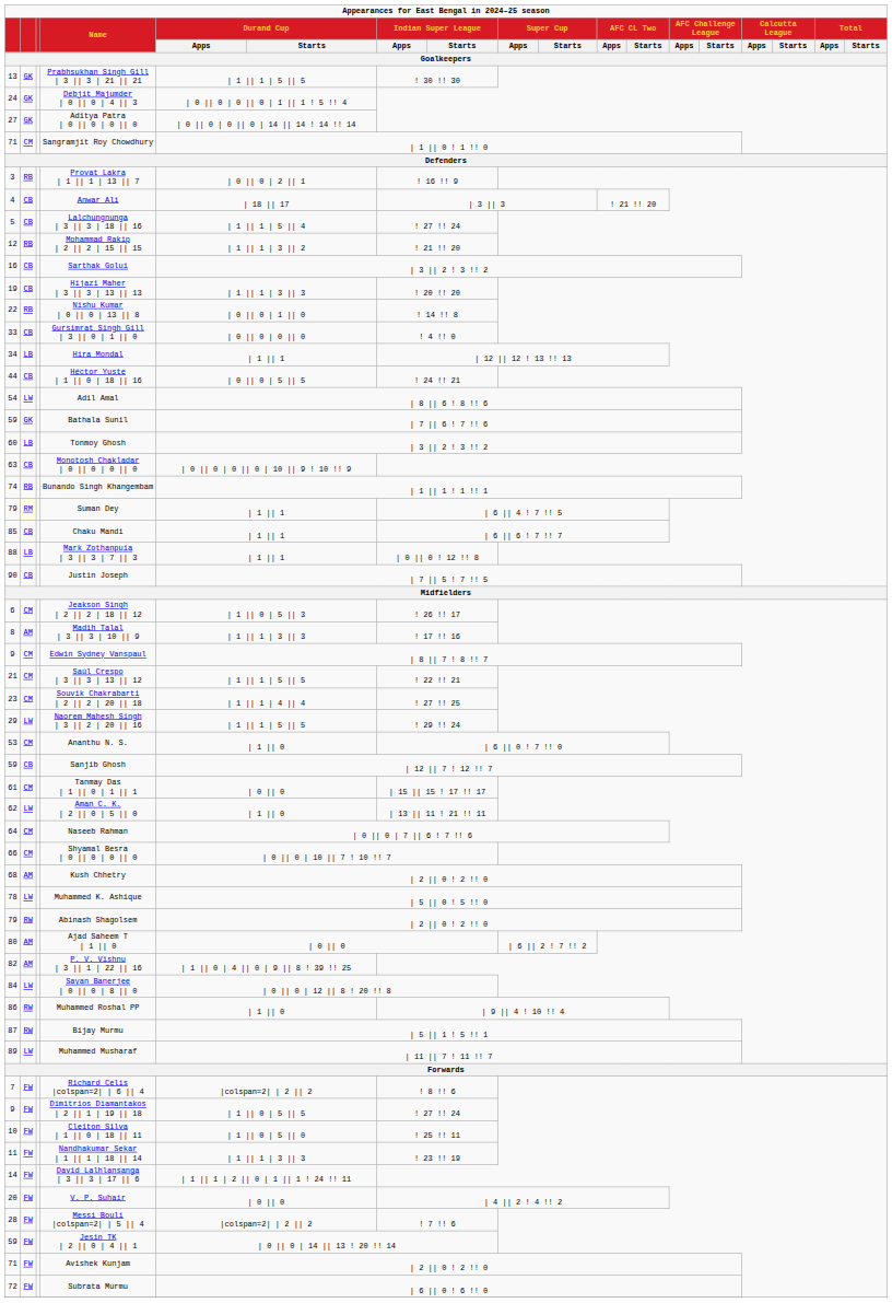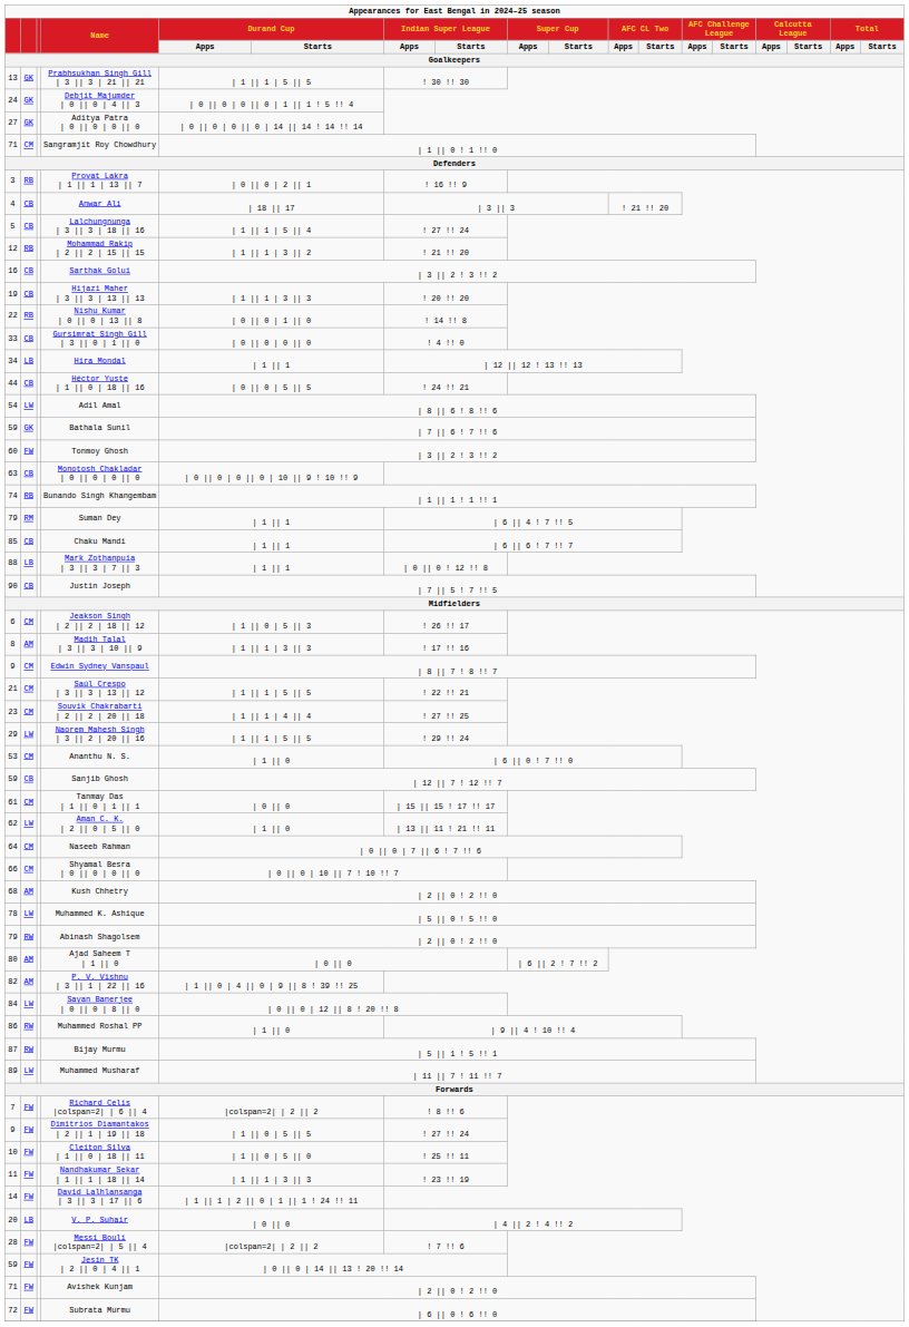 <table class="wikitable sortable" style="text-align:center; font-size:90%; width:85%;">
 <tr>
 <td colspan="18"><strong>Appearances for East Bengal in 2024–25 season</strong></td>
 </tr>
 <tr>
 <th style="background:#d71a23; color:#ffcd31; text-align:center;" rowspan="2"></th>
 <th style="background:#d71a23; color:#ffcd31; text-align:center;" rowspan="2"></th>
 <th style="background:#d71a23; color:#ffcd31; text-align:center;" rowspan="2"></th>
 <th style="background:#d71a23; color:#ffcd31; text-align:center; width:170px;" rowspan="2">Name</th>
 <th style="background:#d71a23; color:#ffcd31; text-align:center; width:86px;" colspan="2">Durand Cup</th>
 <th style="background:#d71a23; color:#ffcd31; text-align:center; width:86px;" colspan="2">Indian Super League</th>
 <th style="background:#d71a23; color:#ffcd31; text-align:center; width:86px;" colspan="2">Super Cup</th>
 <th style="background:#d71a23; color:#ffcd31; text-align:center; width:86px;" colspan="2">AFC CL Two</th>
 <th style="background:#d71a23; color:#ffcd31; text-align:center; width:86px;" colspan="2">AFC Challenge League</th>
 <th style="background:#d71a23; color:#ffcd31; text-align:center; width:86px;" colspan="2">Calcutta League</th>
 <th style="background:#d71a23; color:#ffcd31; text-align:center; width:86px;" colspan="2">Total</th>
 </tr>
 <tr>
 <th>Apps</th>
 <th>Starts</th>
 <th>Apps</th>
 <th>Starts</th>
 <th>Apps</th>
 <th>Starts</th>
 <th>Apps</th>
 <th>Starts</th>
 <th>Apps</th>
 <th>Starts</th>
 <th>Apps</th>
 <th>Starts</th>
 <th>Apps</th>
 <th>Starts</th>
 </tr>
 <tr>
 <th colspan="18"><strong>Goalkeepers</strong></th>
 </tr>
 <tr>
 <td>13</td>
 <td><a href='#'>GK</a></td>
 <td></td>
 <td><a href='#'>Prabhsukhan Singh Gill</a><br>| 3 || 3 | 21 || 21</td>
 <td colspan=2><br>| 1 || 1 | 5 || 5</td>
 <td colspan=2><br>! 30 !! 30</td>
 </tr>
 <tr>
 <td>24</td>
 <td><a href='#'>GK</a></td>
 <td></td>
 <td><a href='#'>Debjit Majumder</a><br>| 0 || 0 | 4 || 3</td>
 <td colspan=2><br>| 0 || 0 | 0 || 0 | 1 || 1  ! 5 !! 4</td>
 </tr>
 <tr>
 <td>27</td>
 <td><a href='#'>GK</a></td>
 <td></td>
 <td>Aditya Patra<br>| 0 || 0 | 0 || 0</td>
 <td colspan=2><br>| 0 || 0 | 0 || 0 | 14 || 14  ! 14 !! 14</td>
 </tr>
 <tr>
 <td>71</td>
 <td><a href='#'>CM</a></td>
 <td></td>
 <td>Sangramjit Roy Chowdhury</td>
 <td colspan=10><br>| 1 || 0 ! 1 !! 0</td>
 </tr>
 <tr>
 <th colspan="18"><strong>Defenders</strong></th>
 </tr>
 <tr>
 <td>3</td>
 <td><a href='#'>RB</a></td>
 <td></td>
 <td><a href='#'>Provat Lakra</a><br>| 1 || 1 | 13 || 7</td>
 <td colspan=2><br>| 0 || 0 | 2 || 1</td>
 <td colspan=2><br>! 16 !! 9</td>
 </tr>
 <tr>
 <td>4</td>
 <td><a href='#'>CB</a></td>
 <td></td>
 <td><a href='#'>Anwar Ali</a></td>
 <td colspan=2><br>| 18 || 17</td>
 <td colspan=4><br>| 3 || 3</td>
 <td colspan=2><br>! 21 !! 20</td>
 </tr>
 <tr>
 <td>5</td>
 <td><a href='#'>CB</a></td>
 <td></td>
 <td><a href='#'>Lalchungnunga</a><br>| 3 || 3 | 18 || 16</td>
 <td colspan=2><br>| 1 || 1 | 5 || 4</td>
 <td colspan=2><br>! 27 !! 24</td>
 </tr>
 <tr>
 <td>12</td>
 <td><a href='#'>RB</a></td>
 <td></td>
 <td><a href='#'>Mohammad Rakip</a><br>| 2 || 2 | 15 || 15</td>
 <td colspan=2><br>| 1 || 1 | 3 || 2</td>
 <td colspan=2><br>! 21 !! 20</td>
 </tr>
 <tr>
 <td>16</td>
 <td><a href='#'>CB</a></td>
 <td></td>
 <td><a href='#'>Sarthak Golui</a></td>
 <td colspan="10"><br>| 3 || 2  ! 3 !! 2</td>
 </tr>
 <tr>
 <td>19</td>
 <td><a href='#'>CB</a></td>
 <td></td>
 <td><a href='#'>Hijazi Maher</a><br>| 3 || 3 | 13 || 13</td>
 <td colspan=2><br>| 1 || 1 | 3 || 3</td>
 <td colspan=2><br>! 20 !! 20</td>
 </tr>
 <tr>
 <td>22</td>
 <td><a href='#'>RB</a></td>
 <td></td>
 <td><a href='#'>Nishu Kumar</a><br>| 0 || 0 | 13 || 8</td>
 <td colspan=2><br>| 0 || 0 | 1 || 0</td>
 <td colspan=2><br>! 14 !! 8</td>
 </tr>
 <tr>
 <td>33</td>
 <td><a href='#'>CB</a></td>
 <td></td>
 <td><a href='#'>Gursimrat Singh Gill</a><br>| 3 || 0 | 1 || 0</td>
 <td colspan=2><br>| 0 || 0 | 0 || 0</td>
 <td colspan=2><br>! 4 !! 0</td>
 </tr>
 <tr>
 <td>34</td>
 <td><a href='#'>LB</a></td>
 <td></td>
 <td><a href='#'>Hira Mondal</a></td>
 <td colspan=2><br>| 1 || 1</td>
 <td colspan=6><br>| 12 || 12  ! 13 !! 13</td>
 </tr>
 <tr>
 <td>44</td>
 <td><a href='#'>CB</a></td>
 <td></td>
 <td><a href='#'>Héctor Yuste</a><br>| 1 || 0 | 18 || 16</td>
 <td colspan=2><br>| 0 || 0 | 5 || 5</td>
 <td colspan=2><br>! 24 !! 21</td>
 </tr>
 <tr>
 <td>54</td>
 <td><a href='#'>LW</a></td>
 <td></td>
 <td>Adil Amal</td>
 <td colspan="10"><br>| 8 || 6  ! 8 !! 6</td>
 </tr>
 <tr>
 <td>59</td>
 <td><a href='#'>GK</a></td>
 <td></td>
 <td>Bathala Sunil</td>
 <td colspan="10"><br>| 7 || 6  ! 7 !! 6</td>
 </tr>
 <tr>
 <td>60</td>
-<td><a href='#'>LB</a></td>
+<td><a href='#'>FW</a></td>
 <td></td>
 <td>Tonmoy Ghosh</td>
 <td colspan="10"><br>| 3 || 2  ! 3 !! 2</td>
 </tr>
 <tr>
 <td>63</td>
 <td><a href='#'>CB</a></td>
 <td></td>
 <td><a href='#'>Monotosh Chakladar</a><br>| 0 || 0 | 0 || 0</td>
 <td colspan=2><br>| 0 || 0 | 0 || 0 | 10 || 9 ! 10 !! 9</td>
 </tr>
 <tr>
 <td>74</td>
 <td><a href='#'>RB</a></td>
 <td></td>
 <td>Bunando Singh Khangembam</td>
 <td colspan="10"><br>| 1 || 1  ! 1 !! 1</td>
 </tr>
 <tr>
 <td>79</td>
-<td style="background: lightyellow;"><a href='#'>RM</a></td>
+<td><a href='#'>RM</a></td>
 <td></td>
 <td>Suman Dey</td>
 <td colspan=2><br>| 1 || 1</td>
 <td colspan=6><br>| 6 || 4 ! 7 !! 5</td>
 </tr>
 <tr>
 <td>85</td>
 <td><a href='#'>CB</a></td>
 <td></td>
 <td>Chaku Mandi</td>
 <td colspan=2><br>| 1 || 1</td>
 <td colspan=6><br>| 6 || 6  ! 7 !! 7</td>
 </tr>
 <tr>
 <td>88</td>
 <td><a href='#'>LB</a></td>
 <td></td>
 <td><a href='#'>Mark Zothanpuia</a><br>| 3 || 3 | 7 || 3</td>
 <td colspan=2><br>| 1 || 1</td>
 <td colspan=2><br>| 0 || 0  ! 12 !! 8</td>
 </tr>
 <tr>
 <td>90</td>
 <td><a href='#'>CB</a></td>
 <td></td>
 <td>Justin Joseph</td>
 <td colspan="10"><br>| 7 || 5 ! 7 !! 5</td>
 </tr>
 <tr>
 <th colspan="18"><strong>Midfielders</strong></th>
 </tr>
 <tr>
 <td>6</td>
 <td><a href='#'>CM</a></td>
 <td></td>
 <td><a href='#'>Jeakson Singh</a><br>| 2 || 2 | 18 || 12</td>
 <td colspan=2><br>| 1 || 0 | 5 || 3</td>
 <td colspan=2><br>! 26 !! 17</td>
 </tr>
 <tr>
 <td>8</td>
 <td><a href='#'>AM</a></td>
 <td></td>
 <td><a href='#'>Madih Talal</a><br>| 3 || 3 | 10 || 9</td>
 <td colspan=2><br>| 1 || 1 | 3 || 3</td>
 <td colspan=2><br>! 17 !! 16</td>
 </tr>
 <tr>
 <td>9</td>
 <td><a href='#'>CM</a></td>
 <td></td>
 <td><a href='#'>Edwin Sydney Vanspaul</a></td>
 <td colspan="10"><br>| 8 || 7 ! 8 !! 7</td>
 </tr>
 <tr>
 <td>21</td>
 <td><a href='#'>CM</a></td>
 <td></td>
 <td><a href='#'>Saúl Crespo</a><br>| 3 || 3 | 13 || 12</td>
 <td colspan=2><br>| 1 || 1 | 5 || 5</td>
 <td colspan=2><br>! 22 !! 21</td>
 </tr>
 <tr>
 <td>23</td>
 <td><a href='#'>CM</a></td>
 <td></td>
 <td><a href='#'>Souvik Chakrabarti</a><br>| 2 || 2 | 20 || 18</td>
 <td colspan=2><br>| 1 || 1 | 4 || 4</td>
 <td colspan=2><br>! 27 !! 25</td>
 </tr>
 <tr>
 <td>29</td>
 <td><a href='#'>LW</a></td>
 <td></td>
 <td><a href='#'>Naorem Mahesh Singh</a><br>| 3 || 2 | 20 || 16</td>
 <td colspan=2><br>| 1 || 1 | 5 || 5</td>
 <td colspan=2><br>! 29 !! 24</td>
 </tr>
 <tr>
 <td>53</td>
 <td><a href='#'>CM</a></td>
 <td></td>
 <td>Ananthu N. S.</td>
 <td colspan=2><br>| 1 || 0</td>
 <td colspan=6><br>| 6 || 0  ! 7 !! 0</td>
 </tr>
 <tr>
 <td>59</td>
 <td><a href='#'>CB</a></td>
 <td></td>
 <td>Sanjib Ghosh</td>
 <td colspan="10"><br>| 12 || 7  ! 12 !! 7</td>
 </tr>
 <tr>
 <td>61</td>
 <td><a href='#'>CM</a></td>
 <td></td>
 <td>Tanmay Das<br>| 1 || 0 | 1 || 1</td>
 <td colspan=2><br>| 0 || 0</td>
 <td colspan=2><br>| 15 || 15 ! 17 !! 17</td>
 </tr>
 <tr>
 <td>62</td>
 <td><a href='#'>LW</a></td>
 <td></td>
 <td><a href='#'>Aman C. K.</a><br>| 2 || 0 | 5 || 0</td>
 <td colspan=2><br>| 1 || 0</td>
 <td colspan=2><br>| 13 || 11 ! 21 !! 11</td>
 </tr>
 <tr>
 <td>64</td>
 <td><a href='#'>CM</a></td>
 <td></td>
 <td>Naseeb Rahman</td>
 <td colspan="8"><br>| 0 || 0 | 7 || 6 ! 7 !! 6</td>
 </tr>
 <tr>
 <td>66</td>
 <td><a href='#'>CM</a></td>
 <td></td>
 <td>Shyamal Besra<br>| 0 || 0 | 0 || 0</td>
 <td colspan=4><br>| 0 || 0 | 10 || 7  ! 10 !! 7</td>
 </tr>
 <tr>
 <td>68</td>
 <td><a href='#'>AM</a></td>
 <td></td>
 <td>Kush Chhetry</td>
 <td colspan="10"><br>| 2 || 0 ! 2 !! 0</td>
 </tr>
 <tr>
 <td>78</td>
 <td><a href='#'>LW</a></td>
 <td></td>
 <td>Muhammed K. Ashique</td>
 <td colspan="10"><br>| 5 || 0 ! 5 !! 0</td>
 </tr>
 <tr>
 <td>79</td>
 <td><a href='#'>RW</a></td>
 <td></td>
 <td>Abinash Shagolsem</td>
 <td colspan="10"><br>| 2 || 0 ! 2 !! 0</td>
 </tr>
 <tr>
 <td>80</td>
 <td><a href='#'>AM</a></td>
 <td></td>
 <td>Ajad Saheem T<br>| 1 || 0</td>
 <td colspan=4><br>| 0 || 0</td>
 <td colspan=2><br>| 6 || 2  ! 7 !! 2</td>
 </tr>
 <tr>
 <td>82</td>
 <td><a href='#'>AM</a></td>
 <td></td>
 <td><a href='#'>P. V. Vishnu</a><br>| 3 || 1 | 22 || 16</td>
 <td colspan=2><br>| 1 || 0 | 4 || 0 | 9 || 8  ! 39 !! 25</td>
 </tr>
 <tr>
 <td>84</td>
 <td><a href='#'>LW</a></td>
 <td></td>
 <td><a href='#'>Sayan Banerjee</a><br>| 0 || 0 | 8 || 0</td>
 <td colspan=4><br>| 0 || 0 | 12 || 8  ! 20 !! 8</td>
 </tr>
 <tr>
 <td>86</td>
 <td><a href='#'>RW</a></td>
 <td></td>
 <td>Muhammed Roshal PP</td>
 <td colspan=2><br>| 1 || 0</td>
 <td colspan=6><br>| 9 || 4  ! 10 !! 4</td>
 </tr>
 <tr>
 <td>87</td>
 <td><a href='#'>RW</a></td>
 <td></td>
 <td>Bijay Murmu</td>
 <td colspan="10"><br>| 5 || 1  ! 5 !! 1</td>
 </tr>
 <tr>
 <td>89</td>
 <td><a href='#'>LW</a></td>
 <td></td>
 <td>Muhammed Musharaf</td>
 <td colspan="10"><br>| 11 || 7  ! 11 !! 7</td>
 </tr>
 <tr>
 <th colspan="18"><strong>Forwards</strong></th>
 </tr>
 <tr>
 <td>7</td>
 <td><a href='#'>FW</a></td>
 <td></td>
 <td><a href='#'>Richard Celis</a><br>|colspan=2|  | 6 || 4</td>
 <td colspan=2><br>|colspan=2|  | 2 || 2</td>
 <td colspan=2><br>! 8 !! 6</td>
 </tr>
 <tr>
 <td>9</td>
 <td><a href='#'>FW</a></td>
 <td></td>
 <td><a href='#'>Dimitrios Diamantakos</a><br>| 2 || 1 | 19 || 18</td>
 <td colspan=2><br>| 1 || 0 | 5 || 5</td>
 <td colspan=2><br>! 27 !! 24</td>
 </tr>
 <tr>
 <td>10</td>
 <td><a href='#'>FW</a></td>
 <td></td>
 <td><a href='#'>Cleiton Silva</a><br>| 1 || 0 | 18 || 11</td>
 <td colspan=2><br>| 1 || 0 | 5 || 0</td>
 <td colspan=2><br>! 25 !! 11</td>
 </tr>
 <tr>
 <td>11</td>
 <td><a href='#'>FW</a></td>
 <td></td>
 <td><a href='#'>Nandhakumar Sekar</a><br>| 1 || 1 | 18 || 14</td>
 <td colspan=2><br>| 1 || 1 | 3 || 3</td>
 <td colspan=2><br>! 23 !! 19</td>
 </tr>
 <tr>
 <td>14</td>
 <td><a href='#'>FW</a></td>
 <td></td>
 <td><a href='#'>David Lalhlansanga</a><br>| 3 || 3 | 17 || 6</td>
 <td colspan=2><br>| 1 || 1 | 2 || 0 | 1 || 1  ! 24 !! 11</td>
 </tr>
 <tr>
 <td>20</td>
-<td><a href='#'>FW</a></td>
+<td><a href='#'>LB</a></td>
 <td></td>
 <td><a href='#'>V. P. Suhair</a></td>
 <td colspan="2"><br>| 0 || 0</td>
 <td colspan=6><br>| 4 || 2  ! 4 !! 2</td>
 </tr>
 <tr>
 <td>28</td>
 <td><a href='#'>FW</a></td>
 <td></td>
 <td><a href='#'>Messi Bouli</a><br>|colspan=2|  | 5 || 4</td>
 <td colspan=2><br>|colspan=2|  | 2 || 2</td>
 <td colspan=2><br>! 7 !! 6</td>
 </tr>
 <tr>
 <td>59</td>
 <td><a href='#'>FW</a></td>
 <td></td>
 <td><a href='#'>Jesin TK</a><br>| 2 || 0 | 4 || 1</td>
 <td colspan=4><br>| 0 || 0 | 14 || 13  ! 20 !! 14</td>
 </tr>
 <tr>
 <td>71</td>
 <td><a href='#'>FW</a></td>
 <td></td>
 <td>Avishek Kunjam</td>
 <td colspan="10"><br>| 2 || 0  ! 2 !! 0</td>
 </tr>
 <tr>
 <td>72</td>
 <td><a href='#'>FW</a></td>
 <td></td>
 <td>Subrata Murmu</td>
 <td colspan="10"><br>| 6 || 0  ! 6 !! 0</td>
 </tr>
 <tr>
 </tr>
 </table>
